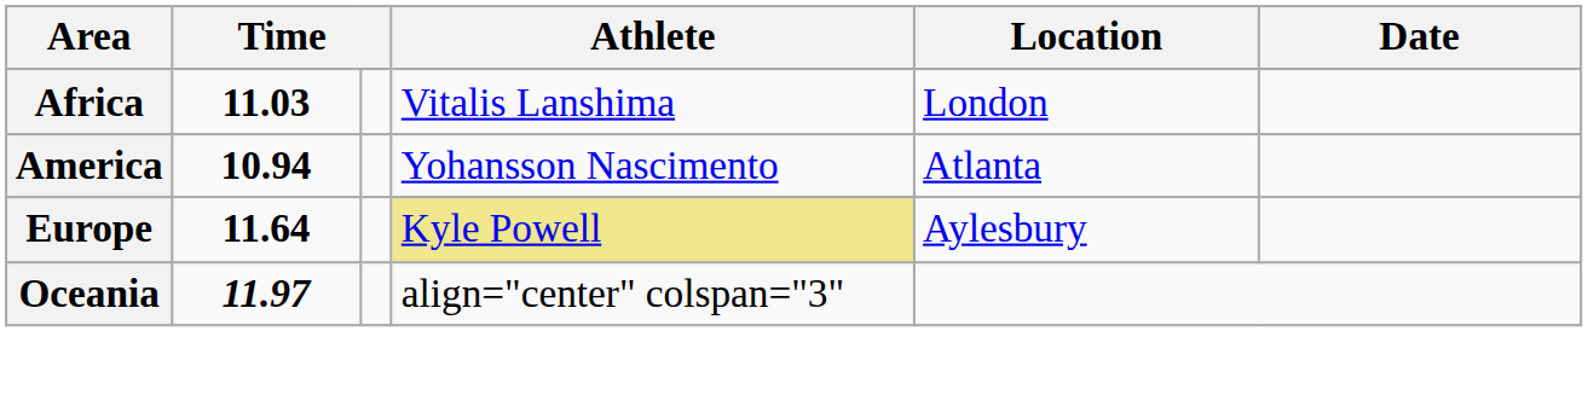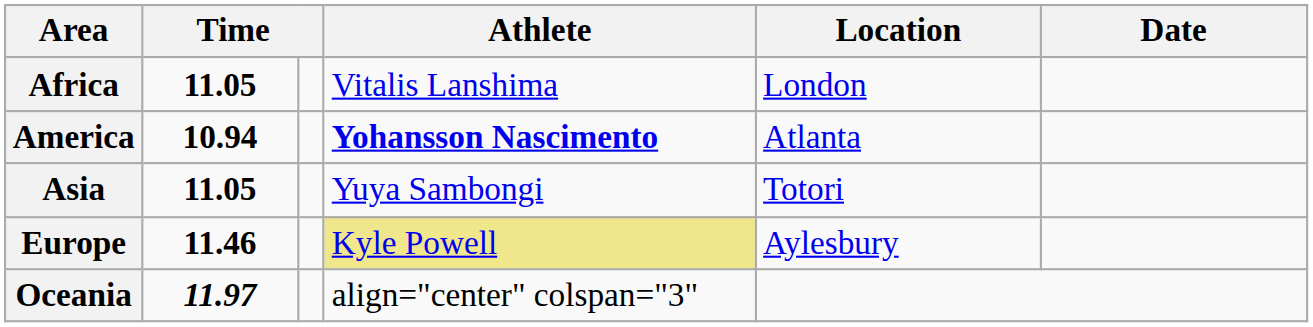 <table class="wikitable">
 <tr>
 <th width="45">Area</th>
 <th width="80" colspan="2">Time</th>
 <th width="200">Athlete</th>
 <th width="130">Location</th>
 <th width="120">Date</th>
 </tr>
 <tr>
 <th>Africa</th>
-<td align="center"><strong>11.03</strong></td>
+<td align="center"><strong>11.05</strong></td>
 <td align="center"></td>
 <td> <a href='#'>Vitalis Lanshima</a></td>
 <td> <a href='#'>London</a></td>
 <td align="right"></td>
 </tr>
 <tr>
 <th>America</th>
 <td align="center"><strong>10.94</strong></td>
 <td align="center"><strong></strong></td>
-<td> <a href='#'>Yohansson Nascimento</a></td>
+<td><strong> <a href='#'>Yohansson Nascimento</a></strong></td>
 <td> <a href='#'>Atlanta</a></td>
 <td align="right"></td>
 </tr>
 <tr>
+<th>Asia</th>
+<td align="center"><strong>11.05</strong></td>
+<td align="center"></td>
+<td> <a href='#'>Yuya Sambongi</a></td>
+<td> <a href='#'>Totori</a></td>
+<td align="right"></td>
+</tr>
+<tr>
 <th>Europe</th>
-<td align="center"><strong>11.64</strong></td>
+<td align="center"><strong>11.46</strong></td>
 <td align="center"></td>
 <td style="background: khaki;"> <a href='#'>Kyle Powell</a></td>
 <td> <a href='#'>Aylesbury</a></td>
 <td align="right"></td>
 </tr>
 <tr>
 <th>Oceania</th>
 <td align="center"><strong><em>11.97</em></strong></td>
 <td align="center"></td>
 <td>align="center" colspan="3" </td>
 </tr>
 </table>
